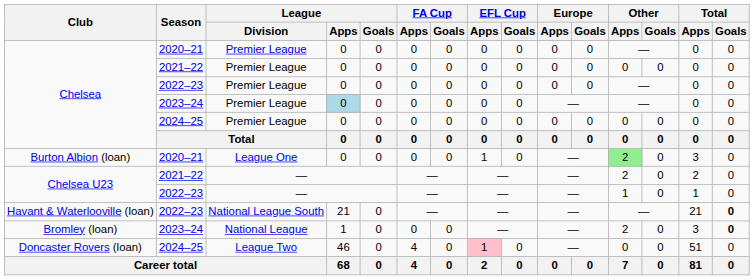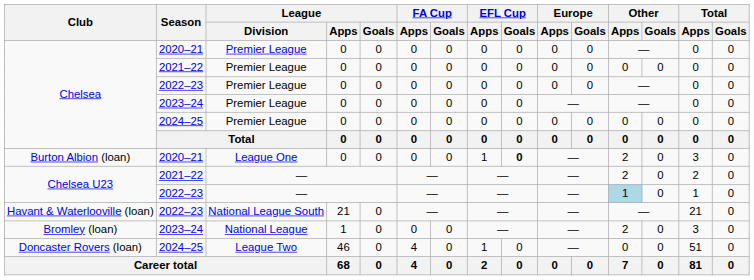 <table class="wikitable" style="text-align: center;">
 <tr>
 <th rowspan="2">Club</th>
 <th rowspan="2">Season</th>
 <th colspan="3">League</th>
 <th colspan="2"><a href='#'>FA Cup</a></th>
 <th colspan="2"><a href='#'>EFL Cup</a></th>
 <th colspan="2">Europe</th>
 <th colspan="2">Other</th>
 <th colspan="2">Total</th>
 </tr>
 <tr>
 <th>Division</th>
 <th>Apps</th>
 <th>Goals</th>
 <th>Apps</th>
 <th>Goals</th>
 <th>Apps</th>
 <th>Goals</th>
 <th>Apps</th>
 <th>Goals</th>
 <th>Apps</th>
 <th>Goals</th>
 <th>Apps</th>
 <th>Goals</th>
 </tr>
 <tr>
 <td rowspan="6"><a href='#'>Chelsea</a></td>
 <td><a href='#'>2020–21</a></td>
 <td><a href='#'>Premier League</a></td>
 <td>0</td>
 <td>0</td>
 <td>0</td>
 <td>0</td>
 <td>0</td>
 <td>0</td>
 <td>0</td>
 <td>0</td>
 <td colspan="2">—</td>
 <td>0</td>
 <td>0</td>
 </tr>
 <tr>
 <td><a href='#'>2021–22</a></td>
 <td>Premier League</td>
 <td>0</td>
 <td>0</td>
 <td>0</td>
 <td>0</td>
 <td>0</td>
 <td>0</td>
 <td>0</td>
 <td>0</td>
 <td>0</td>
 <td>0</td>
 <td>0</td>
 <td>0</td>
 </tr>
 <tr>
 <td><a href='#'>2022–23</a></td>
 <td>Premier League</td>
 <td>0</td>
 <td>0</td>
 <td>0</td>
 <td>0</td>
 <td>0</td>
 <td>0</td>
 <td>0</td>
 <td>0</td>
 <td colspan="2">—</td>
 <td>0</td>
 <td>0</td>
 </tr>
 <tr>
 <td><a href='#'>2023–24</a></td>
 <td>Premier League</td>
-<td style="background: lightblue;">0</td>
+<td>0</td>
 <td>0</td>
 <td>0</td>
 <td>0</td>
 <td>0</td>
 <td>0</td>
 <td colspan="2">—</td>
 <td colspan="2">—</td>
 <td>0</td>
 <td>0</td>
 </tr>
 <tr>
 <td><a href='#'>2024–25</a></td>
 <td>Premier League</td>
 <td>0</td>
 <td>0</td>
 <td>0</td>
 <td>0</td>
 <td>0</td>
 <td>0</td>
 <td>0</td>
 <td>0</td>
 <td>0</td>
 <td>0</td>
 <td>0</td>
 <td>0</td>
 </tr>
 <tr>
 <th colspan="2">Total</th>
 <th>0</th>
 <th>0</th>
 <th>0</th>
 <th>0</th>
 <th>0</th>
 <th>0</th>
 <th>0</th>
 <th>0</th>
 <th>0</th>
 <th>0</th>
 <th>0</th>
 <th>0</th>
 </tr>
 <tr>
 <td><a href='#'>Burton Albion</a> (loan)</td>
 <td><a href='#'>2020–21</a></td>
 <td><a href='#'>League One</a></td>
 <td>0</td>
 <td>0</td>
 <td>0</td>
 <td>0</td>
 <td>1</td>
-<td>0</td>
+<td><strong>0</strong></td>
 <td colspan="2">—</td>
-<td style="background: lightgreen;">2</td>
+<td>2</td>
 <td>0</td>
 <td>3</td>
 <td>0</td>
 </tr>
 <tr>
 <td rowspan="2"><a href='#'>Chelsea U23</a></td>
 <td><a href='#'>2021–22</a></td>
 <td colspan=3>—</td>
 <td colspan=2>—</td>
 <td colspan=2>—</td>
 <td colspan=2>—</td>
 <td>2</td>
 <td>0</td>
 <td>2</td>
 <td>0</td>
 </tr>
 <tr>
 <td><a href='#'>2022–23</a></td>
 <td colspan=3>—</td>
 <td colspan=2>—</td>
 <td colspan=2>—</td>
 <td colspan=2>—</td>
-<td>1</td>
+<td style="background: lightblue;">1</td>
 <td>0</td>
 <td>1</td>
 <td>0</td>
 </tr>
 <tr>
 <td><a href='#'>Havant & Waterlooville</a> (loan)</td>
 <td><a href='#'>2022–23</a></td>
 <td><a href='#'>National League South</a></td>
 <td>21</td>
 <td>0</td>
 <td colspan=2>—</td>
 <td colspan=2>—</td>
 <td colspan=2>—</td>
 <td colspan=2>—</td>
 <td>21</td>
-<td><strong>0</strong></td>
+<td>0</td>
 </tr>
 <tr>
 <td><a href='#'>Bromley</a> (loan)</td>
 <td><a href='#'>2023–24</a></td>
 <td><a href='#'>National League</a></td>
 <td>1</td>
 <td>0</td>
 <td>0</td>
 <td>0</td>
 <td colspan=2>—</td>
 <td colspan=2>—</td>
 <td>2</td>
 <td>0</td>
 <td>3</td>
-<td><strong>0</strong></td>
+<td>0</td>
 </tr>
 <tr>
 <td><a href='#'>Doncaster Rovers</a> (loan)</td>
 <td><a href='#'>2024–25</a></td>
 <td><a href='#'>League Two</a></td>
 <td>46</td>
 <td>0</td>
 <td>4</td>
 <td>0</td>
-<td style="background: pink;">1</td>
+<td>1</td>
 <td>0</td>
 <td colspan="2">—</td>
 <td>0</td>
 <td>0</td>
 <td>51</td>
 <td>0</td>
 </tr>
 <tr>
 <th colspan="3">Career total</th>
 <th>68</th>
 <th>0</th>
 <th>4</th>
 <th>0</th>
 <th>2</th>
 <th>0</th>
 <th>0</th>
 <th>0</th>
 <th>7</th>
 <th>0</th>
 <th>81</th>
 <th>0</th>
 </tr>
 </table>
